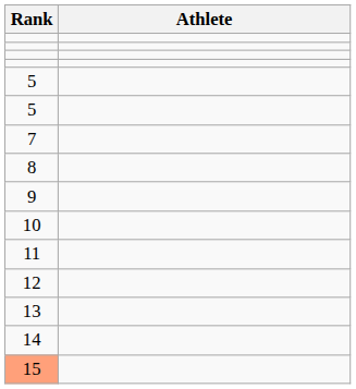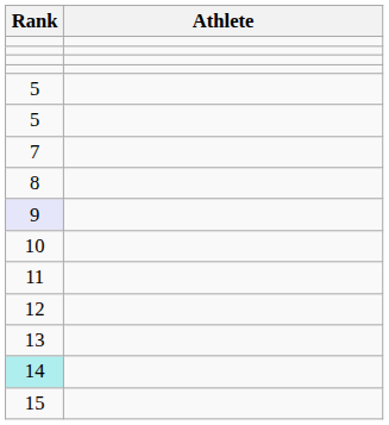 <table class="wikitable" style="text-align: center;">
 <tr>
 <th width=40>Rank</th>
 <th width=250>Athlete</th>
 </tr>
 <tr>
 <td></td>
 <td align="left"></td>
 </tr>
 <tr>
 <td></td>
 <td align="left"></td>
 </tr>
 <tr>
 <td></td>
 <td align="left"></td>
 </tr>
 <tr>
 <td></td>
 <td align="left"></td>
 </tr>
 <tr>
 <td>5</td>
 <td align="left"></td>
 </tr>
 <tr>
 <td>5</td>
 <td align="left"></td>
 </tr>
 <tr>
 <td>7</td>
 <td align="left"></td>
 </tr>
 <tr>
 <td>8</td>
 <td align="left"></td>
 </tr>
 <tr>
-<td>9</td>
+<td style="background: lavender;">9</td>
 <td align="left"></td>
 </tr>
 <tr>
 <td>10</td>
 <td align="left"></td>
 </tr>
 <tr>
 <td>11</td>
 <td align="left"></td>
 </tr>
 <tr>
 <td>12</td>
 <td align="left"></td>
 </tr>
 <tr>
 <td>13</td>
 <td align="left"></td>
 </tr>
 <tr>
-<td>14</td>
+<td style="background: paleturquoise;">14</td>
 <td align="left"></td>
 </tr>
 <tr>
-<td style="background: lightsalmon;">15</td>
+<td>15</td>
 <td align="left"></td>
 </tr>
 </table>
